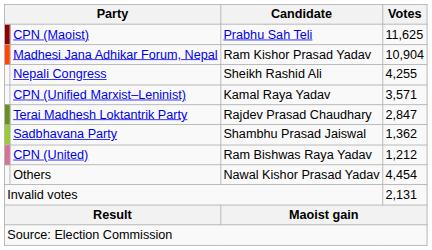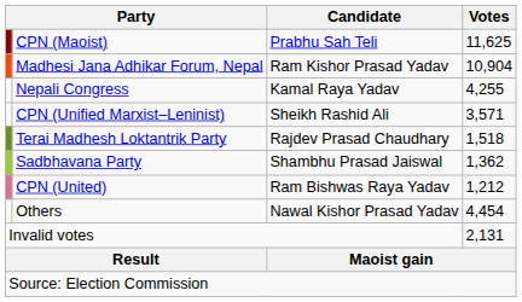 <table class="wikitable">
 <tr>
 <th colspan="2">Party</th>
 <th>Candidate</th>
 <th>Votes</th>
 </tr>
 <tr>
 <td style="background-color:darkred"></td>
 <td><a href='#'>CPN (Maoist)</a></td>
 <td><a href='#'>Prabhu Sah Teli</a></td>
 <td>11,625</td>
 </tr>
 <tr>
 <td style="background-color:orangered"></td>
 <td><a href='#'>Madhesi Jana Adhikar Forum, Nepal</a></td>
 <td>Ram Kishor Prasad Yadav</td>
 <td>10,904</td>
 </tr>
 <tr>
 <td style="background-color:"></td>
 <td><a href='#'>Nepali Congress</a></td>
-<td>Sheikh Rashid Ali</td>
+<td>Kamal Raya Yadav</td>
 <td>4,255</td>
 </tr>
 <tr>
 <td style="background-color:"></td>
 <td><a href='#'>CPN (Unified Marxist–Leninist)</a></td>
-<td>Kamal Raya Yadav</td>
+<td>Sheikh Rashid Ali</td>
 <td>3,571</td>
 </tr>
 <tr>
 <td style="background-color:olivedrab"></td>
 <td><a href='#'>Terai Madhesh Loktantrik Party</a></td>
 <td>Rajdev Prasad Chaudhary</td>
-<td>2,847</td>
+<td>1,518</td>
 </tr>
 <tr>
 <td style="background-color:yellowgreen"></td>
 <td><a href='#'>Sadbhavana Party</a></td>
 <td>Shambhu Prasad Jaiswal</td>
 <td>1,362</td>
 </tr>
 <tr>
 <td style="background-color:palevioletred"></td>
 <td><a href='#'>CPN (United)</a></td>
 <td>Ram Bishwas Raya Yadav</td>
 <td>1,212</td>
 </tr>
 <tr>
 <td></td>
 <td>Others</td>
 <td>Nawal Kishor Prasad Yadav</td>
 <td>4,454</td>
 </tr>
 <tr>
 <td colspan="3">Invalid votes</td>
 <td>2,131</td>
 </tr>
 <tr>
 <th colspan="2">Result</th>
 <th colspan="2">Maoist gain</th>
 </tr>
 <tr>
 <td colspan="4">Source: Election Commission</td>
 </tr>
 </table>
